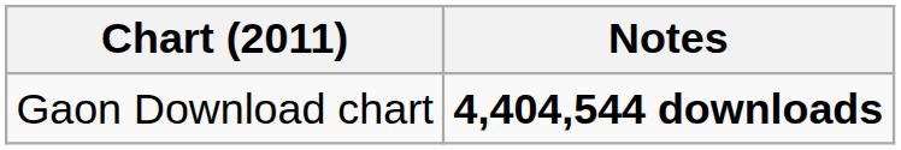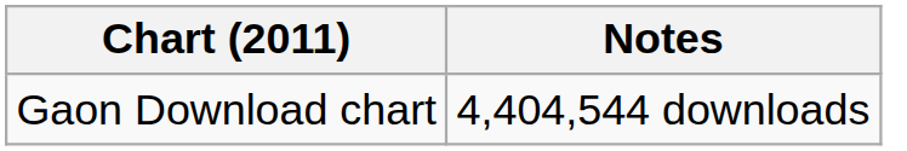 <table class="wikitable sortable">
 <tr>
 <th>Chart (2011)</th>
 <th>Notes</th>
 </tr>
 <tr>
 <td>Gaon Download chart</td>
-<td style="text-align:center;"><strong>4,404,544 downloads</strong></td>
+<td style="text-align:center;">4,404,544 downloads</td>
 </tr>
 </table>
